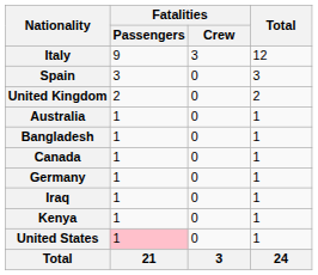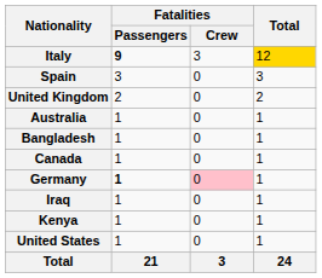 <table class="wikitable sortable collapsed floatright">
 <tr>
 <th rowspan=2>Nationality</th>
 <th colspan=2>Fatalities</th>
 <th rowspan="2" style="width:70px;">Total</th>
 </tr>
 <tr>
 <th style="width:70px;">Passengers</th>
 <th style="width:70px;">Crew</th>
 </tr>
 <tr>
 <th scope="row">Italy</th>
-<td>9</td>
+<td><strong>9</strong></td>
 <td>3</td>
-<td>12</td>
+<td style="background: gold;">12</td>
 </tr>
 <tr>
 <th scope="row">Spain</th>
 <td>3</td>
 <td>0</td>
 <td>3</td>
 </tr>
 <tr>
 <th scope="row">United Kingdom</th>
 <td>2</td>
 <td>0</td>
 <td>2</td>
 </tr>
 <tr>
 <th scope="row">Australia</th>
 <td>1</td>
 <td>0</td>
 <td>1</td>
 </tr>
 <tr>
 <th scope="row">Bangladesh</th>
 <td>1</td>
 <td>0</td>
 <td>1</td>
 </tr>
 <tr>
 <th scope="row">Canada</th>
 <td>1</td>
 <td>0</td>
 <td>1</td>
 </tr>
 <tr>
 <th scope="row">Germany</th>
-<td>1</td>
-<td>0</td>
+<td><strong>1</strong></td>
+<td style="background: pink;">0</td>
 <td>1</td>
 </tr>
 <tr>
 <th scope="row">Iraq</th>
 <td>1</td>
 <td>0</td>
 <td>1</td>
 </tr>
 <tr>
 <th scope="row">Kenya</th>
 <td>1</td>
 <td>0</td>
 <td>1</td>
 </tr>
 <tr>
 <th scope="row">United States</th>
-<td style="background: pink;">1</td>
+<td>1</td>
 <td>0</td>
 <td>1</td>
 </tr>
 <tr>
 <th scope="row">Total</th>
 <th>21</th>
 <th>3</th>
 <th>24</th>
 </tr>
 </table>
